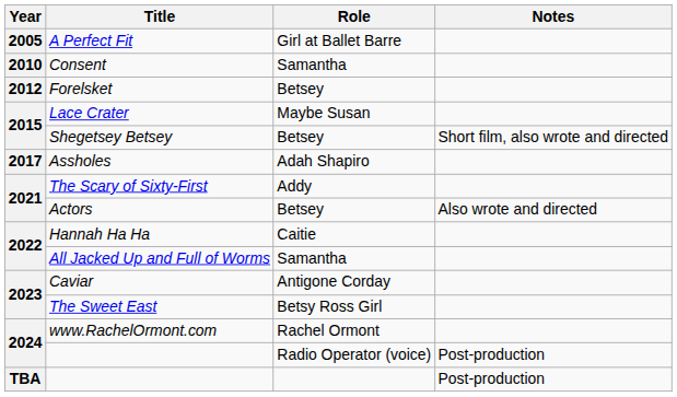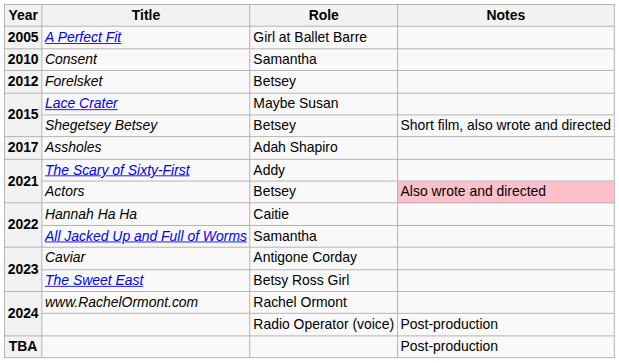 <table class="wikitable plainrowheaders">
 <tr>
 <th scope="col">Year</th>
 <th scope="col">Title</th>
 <th scope="col">Role</th>
 <th scope="col">Notes</th>
 </tr>
 <tr>
 <th scope="row">2005</th>
 <td><em><a href='#'>A Perfect Fit</a></em></td>
 <td>Girl at Ballet Barre</td>
 <td></td>
 </tr>
 <tr>
 <th scope="row">2010</th>
 <td><em>Consent</em></td>
 <td>Samantha</td>
 <td></td>
 </tr>
 <tr>
 <th scope="row">2012</th>
 <td><em>Forelsket</em></td>
 <td>Betsey</td>
 <td></td>
 </tr>
 <tr>
 <th scope="row" rowspan="2">2015</th>
 <td><em><a href='#'>Lace Crater</a></em></td>
 <td>Maybe Susan</td>
 <td></td>
 </tr>
 <tr>
 <td><em>Shegetsey Betsey</em></td>
 <td>Betsey</td>
 <td>Short film, also wrote and directed</td>
 </tr>
 <tr>
 <th scope="row">2017</th>
 <td><em>Assholes</em></td>
 <td>Adah Shapiro</td>
 <td></td>
 </tr>
 <tr>
 <th scope="row" rowspan="2">2021</th>
 <td><em><a href='#'>The Scary of Sixty-First</a></em></td>
 <td>Addy</td>
 <td></td>
 </tr>
 <tr>
 <td><em>Actors</em></td>
 <td>Betsey</td>
-<td>Also wrote and directed</td>
+<td style="background: pink;">Also wrote and directed</td>
 </tr>
 <tr>
 <th scope="row" rowspan="2">2022</th>
 <td><em>Hannah Ha Ha</em></td>
 <td>Caitie</td>
 <td></td>
 </tr>
 <tr>
 <td><em><a href='#'>All Jacked Up and Full of Worms</a></em></td>
 <td>Samantha</td>
 <td></td>
 </tr>
 <tr>
 <th scope="row" rowspan="2">2023</th>
 <td><em>Caviar</em></td>
 <td>Antigone Corday</td>
 <td></td>
 </tr>
 <tr>
 <td><em><a href='#'>The Sweet East</a></em></td>
 <td>Betsy Ross Girl</td>
 <td></td>
 </tr>
 <tr>
 <th scope="row" rowspan="2">2024</th>
 <td><em>www.RachelOrmont.com</em></td>
 <td>Rachel Ormont</td>
 <td></td>
 </tr>
 <tr>
 <td></td>
 <td>Radio Operator (voice)</td>
 <td>Post-production</td>
 </tr>
 <tr>
 <th scope="row">TBA</th>
 <td></td>
 <td></td>
 <td>Post-production</td>
 </tr>
 </table>
